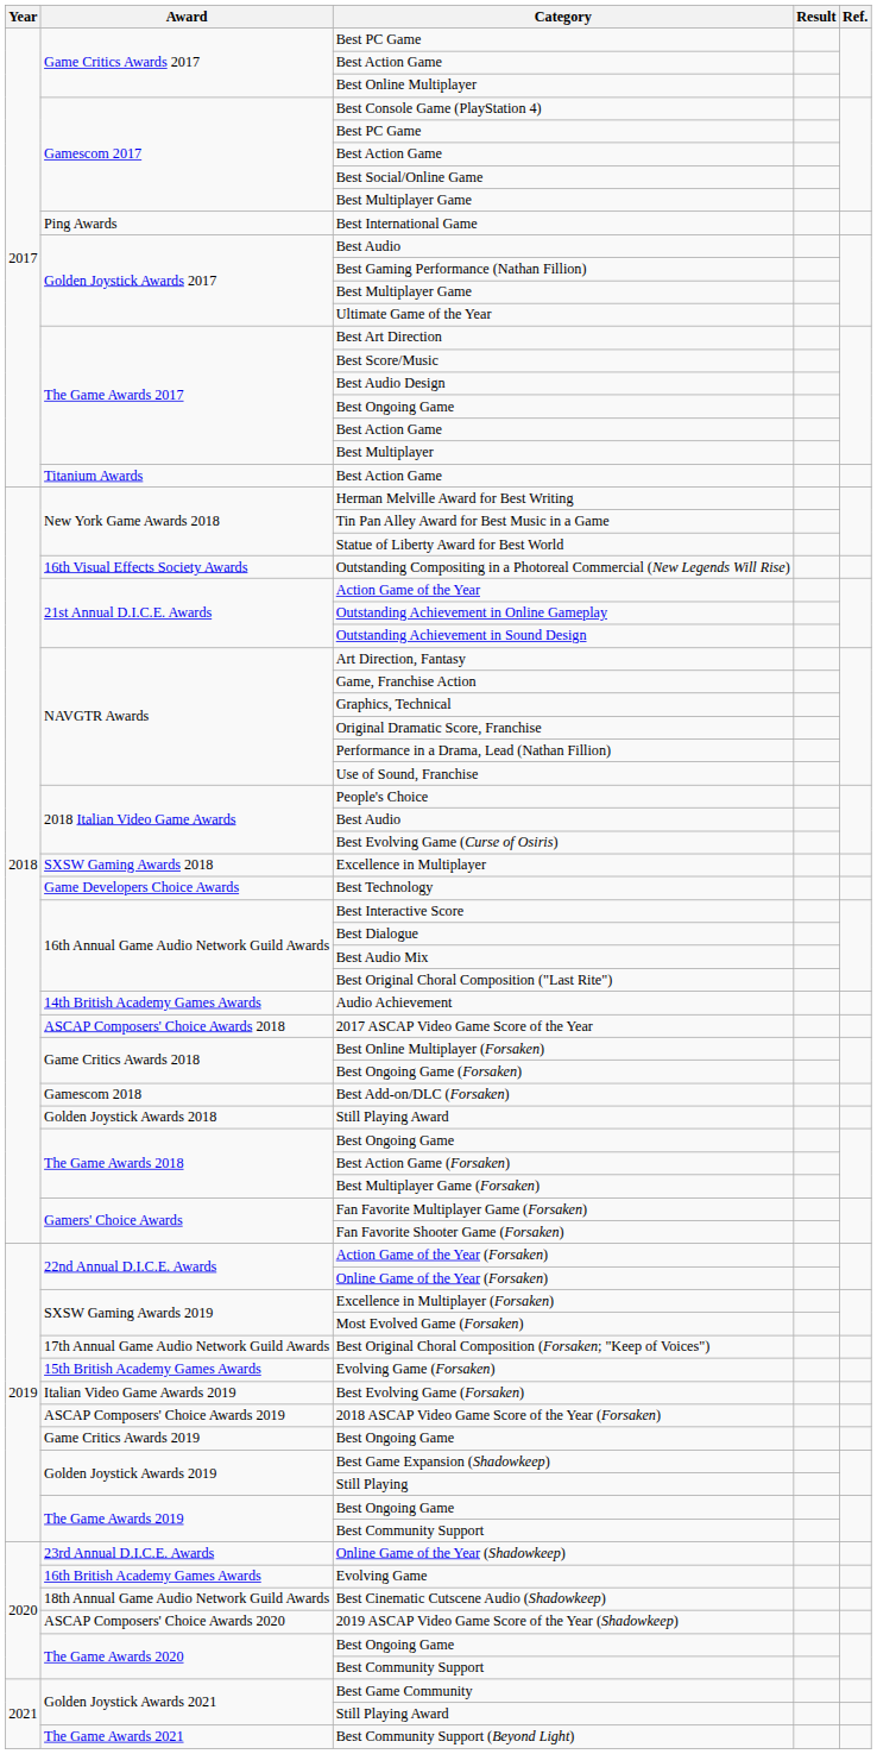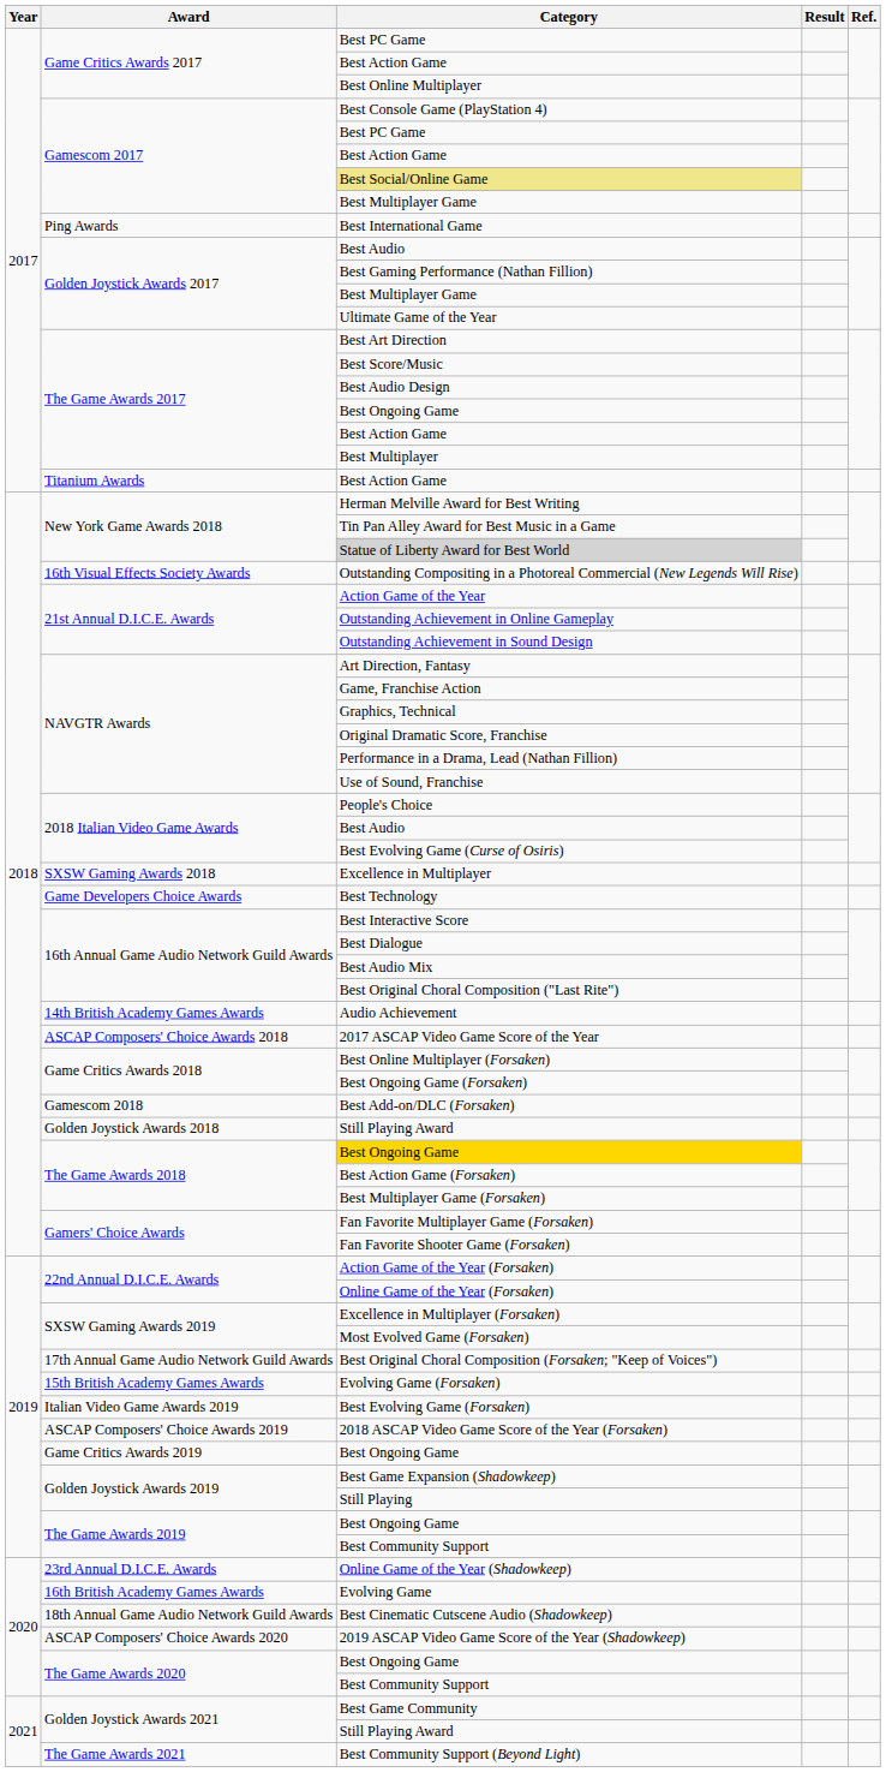 <table class="wikitable sortable">
 <tr>
 <th>Year</th>
 <th>Award</th>
 <th>Category</th>
 <th>Result</th>
 <th>Ref.</th>
 </tr>
 <tr>
 <td style="text-align:center;" rowspan="20">2017</td>
 <td rowspan="3"><a href='#'>Game Critics Awards</a> 2017</td>
 <td>Best PC Game</td>
 <td></td>
 <td rowspan="3" style="text-align:center;"></td>
 </tr>
 <tr>
 <td>Best Action Game</td>
 <td></td>
 </tr>
 <tr>
 <td>Best Online Multiplayer</td>
 <td></td>
 </tr>
 <tr>
 <td rowspan="5"><a href='#'>Gamescom 2017</a></td>
 <td>Best Console Game (PlayStation 4)</td>
 <td></td>
 <td rowspan="5" style="text-align:center;"></td>
 </tr>
 <tr>
 <td>Best PC Game</td>
 <td></td>
 </tr>
 <tr>
 <td>Best Action Game</td>
 <td></td>
 </tr>
 <tr>
-<td>Best Social/Online Game</td>
+<td style="background: khaki;">Best Social/Online Game</td>
 <td></td>
 </tr>
 <tr>
 <td>Best Multiplayer Game</td>
 <td></td>
 </tr>
 <tr>
 <td rowspan="1">Ping Awards</td>
 <td>Best International Game</td>
 <td></td>
 <td rowspan="1" style="text-align:center;"></td>
 </tr>
 <tr>
 <td rowspan="4"><a href='#'>Golden Joystick Awards</a> 2017</td>
 <td>Best Audio</td>
 <td></td>
 <td rowspan="4" style="text-align:center;"></td>
 </tr>
 <tr>
 <td>Best Gaming Performance (Nathan Fillion)</td>
 <td></td>
 </tr>
 <tr>
 <td>Best Multiplayer Game</td>
 <td></td>
 </tr>
 <tr>
 <td>Ultimate Game of the Year</td>
 <td></td>
 </tr>
 <tr>
 <td rowspan="6"><a href='#'>The Game Awards 2017</a></td>
 <td>Best Art Direction</td>
 <td></td>
 <td rowspan="6" style="text-align:center;"></td>
 </tr>
 <tr>
 <td>Best Score/Music</td>
 <td></td>
 </tr>
 <tr>
 <td>Best Audio Design</td>
 <td></td>
 </tr>
 <tr>
 <td>Best Ongoing Game</td>
 <td></td>
 </tr>
 <tr>
 <td>Best Action Game</td>
 <td></td>
 </tr>
 <tr>
 <td>Best Multiplayer</td>
 <td></td>
 </tr>
 <tr>
 <td rowspan="1"><a href='#'>Titanium Awards</a></td>
 <td>Best Action Game</td>
 <td></td>
 <td rowspan="1" style="text-align:center;"></td>
 </tr>
 <tr>
 <td style="text-align:center;" rowspan="33">2018</td>
 <td rowspan="3">New York Game Awards 2018</td>
 <td>Herman Melville Award for Best Writing</td>
 <td></td>
 <td rowspan="3" style="text-align:center;"></td>
 </tr>
 <tr>
 <td>Tin Pan Alley Award for Best Music in a Game</td>
 <td></td>
 </tr>
 <tr>
-<td>Statue of Liberty Award for Best World</td>
+<td style="background: lightgrey;">Statue of Liberty Award for Best World</td>
 <td></td>
 </tr>
 <tr>
 <td rowspan="1"><a href='#'>16th Visual Effects Society Awards</a></td>
 <td>Outstanding Compositing in a Photoreal Commercial (<em>New Legends Will Rise</em>)</td>
 <td></td>
 <td rowspan="1" style="text-align:center;"></td>
 </tr>
 <tr>
 <td rowspan="3"><a href='#'>21st Annual D.I.C.E. Awards</a></td>
 <td><a href='#'>Action Game of the Year</a></td>
 <td></td>
 <td rowspan="3" style="text-align:center;"></td>
 </tr>
 <tr>
 <td><a href='#'>Outstanding Achievement in Online Gameplay</a></td>
 <td></td>
 </tr>
 <tr>
 <td><a href='#'>Outstanding Achievement in Sound Design</a></td>
 <td></td>
 </tr>
 <tr>
 <td rowspan="6">NAVGTR Awards</td>
 <td>Art Direction, Fantasy</td>
 <td></td>
 <td rowspan="6" style="text-align:center;"></td>
 </tr>
 <tr>
 <td>Game, Franchise Action</td>
 <td></td>
 </tr>
 <tr>
 <td>Graphics, Technical</td>
 <td></td>
 </tr>
 <tr>
 <td>Original Dramatic Score, Franchise</td>
 <td></td>
 </tr>
 <tr>
 <td>Performance in a Drama, Lead (Nathan Fillion)</td>
 <td></td>
 </tr>
 <tr>
 <td>Use of Sound, Franchise</td>
 <td></td>
 </tr>
 <tr>
 <td rowspan="3">2018 <a href='#'>Italian Video Game Awards</a></td>
 <td>People's Choice</td>
 <td></td>
 <td rowspan="3" style="text-align:center;"></td>
 </tr>
 <tr>
 <td>Best Audio</td>
 <td></td>
 </tr>
 <tr>
 <td>Best Evolving Game (<em>Curse of Osiris</em>)</td>
 <td></td>
 </tr>
 <tr>
 <td rowspan="1"><a href='#'>SXSW Gaming Awards</a> 2018</td>
 <td>Excellence in Multiplayer</td>
 <td></td>
 <td rowspan="1" style="text-align:center;"></td>
 </tr>
 <tr>
 <td rowspan="1"><a href='#'>Game Developers Choice Awards</a></td>
 <td>Best Technology</td>
 <td></td>
 <td rowspan="1" style="text-align:center;"></td>
 </tr>
 <tr>
 <td rowspan="4">16th Annual Game Audio Network Guild Awards</td>
 <td>Best Interactive Score</td>
 <td></td>
 <td rowspan="4" style="text-align:center;"></td>
 </tr>
 <tr>
 <td>Best Dialogue</td>
 <td></td>
 </tr>
 <tr>
 <td>Best Audio Mix</td>
 <td></td>
 </tr>
 <tr>
 <td>Best Original Choral Composition ("Last Rite")</td>
 <td></td>
 </tr>
 <tr>
 <td rowspan="1"><a href='#'>14th British Academy Games Awards</a></td>
 <td>Audio Achievement</td>
 <td></td>
 <td rowspan="1" style="text-align:center;"></td>
 </tr>
 <tr>
 <td rowspan="1"><a href='#'>ASCAP Composers' Choice Awards</a> 2018</td>
 <td>2017 ASCAP Video Game Score of the Year</td>
 <td></td>
 <td rowspan="1" style="text-align:center;"></td>
 </tr>
 <tr>
 <td rowspan="2">Game Critics Awards 2018</td>
 <td>Best Online Multiplayer (<em>Forsaken</em>)</td>
 <td></td>
 <td rowspan="2" style="text-align:center;"></td>
 </tr>
 <tr>
 <td>Best Ongoing Game (<em>Forsaken</em>)</td>
 <td></td>
 </tr>
 <tr>
 <td rowspan="1">Gamescom 2018</td>
 <td>Best Add-on/DLC (<em>Forsaken</em>)</td>
 <td></td>
 <td rowspan="1" style="text-align:center;"></td>
 </tr>
 <tr>
 <td rowspan="1">Golden Joystick Awards 2018</td>
 <td>Still Playing Award</td>
 <td></td>
 <td rowspan="1" style="text-align:center;"></td>
 </tr>
 <tr>
 <td rowspan="3"><a href='#'>The Game Awards 2018</a></td>
-<td>Best Ongoing Game</td>
+<td style="background: gold;">Best Ongoing Game</td>
 <td></td>
 <td rowspan="3" style="text-align:center;"></td>
 </tr>
 <tr>
 <td>Best Action Game (<em>Forsaken</em>)</td>
 <td></td>
 </tr>
 <tr>
 <td>Best Multiplayer Game (<em>Forsaken</em>)</td>
 <td></td>
 </tr>
 <tr>
 <td rowspan="2"><a href='#'>Gamers' Choice Awards</a></td>
 <td>Fan Favorite Multiplayer Game (<em>Forsaken</em>)</td>
 <td></td>
 <td rowspan="2" style="text-align:center;"></td>
 </tr>
 <tr>
 <td>Fan Favorite Shooter Game (<em>Forsaken</em>)</td>
 <td></td>
 </tr>
 <tr>
 <td style="text-align:center;" rowspan="13">2019</td>
 <td rowspan="2"><a href='#'>22nd Annual D.I.C.E. Awards</a></td>
 <td><a href='#'>Action Game of the Year</a> (<em>Forsaken</em>)</td>
 <td></td>
 <td rowspan="2" style="text-align:center;"></td>
 </tr>
 <tr>
 <td><a href='#'>Online Game of the Year</a> (<em>Forsaken</em>)</td>
 <td></td>
 </tr>
 <tr>
 <td rowspan="2">SXSW Gaming Awards 2019</td>
 <td>Excellence in Multiplayer (<em>Forsaken</em>)</td>
 <td></td>
 <td rowspan="2" style="text-align:center;"></td>
 </tr>
 <tr>
 <td>Most Evolved Game (<em>Forsaken</em>)</td>
 <td></td>
 </tr>
 <tr>
 <td rowspan="1">17th Annual Game Audio Network Guild Awards</td>
 <td>Best Original Choral Composition (<em>Forsaken</em>; "Keep of Voices")</td>
 <td></td>
 <td rowspan="1" style="text-align:center;"></td>
 </tr>
 <tr>
 <td rowspan="1"><a href='#'>15th British Academy Games Awards</a></td>
 <td>Evolving Game (<em>Forsaken</em>)</td>
 <td></td>
 <td rowspan="1" style="text-align:center;"></td>
 </tr>
 <tr>
 <td rowspan="1">Italian Video Game Awards 2019</td>
 <td>Best Evolving Game (<em>Forsaken</em>)</td>
 <td></td>
 <td rowspan="1" style="text-align:center;"></td>
 </tr>
 <tr>
 <td rowspan="1">ASCAP Composers' Choice Awards 2019</td>
 <td>2018 ASCAP Video Game Score of the Year (<em>Forsaken</em>)</td>
 <td></td>
 <td rowspan="1" style="text-align:center;"></td>
 </tr>
 <tr>
 <td rowspan="1">Game Critics Awards 2019</td>
 <td>Best Ongoing Game</td>
 <td></td>
 <td rowspan="1" style="text-align:center;"></td>
 </tr>
 <tr>
 <td rowspan="2">Golden Joystick Awards 2019</td>
 <td>Best Game Expansion (<em>Shadowkeep</em>)</td>
 <td></td>
 <td rowspan="2" style="text-align:center;"></td>
 </tr>
 <tr>
 <td>Still Playing</td>
 <td></td>
 </tr>
 <tr>
 <td rowspan="2"><a href='#'>The Game Awards 2019</a></td>
 <td>Best Ongoing Game</td>
 <td></td>
 <td rowspan="2" style="text-align:center;"></td>
 </tr>
 <tr>
 <td>Best Community Support</td>
 <td></td>
 </tr>
 <tr>
 <td rowspan="6" style="text-align:center;">2020</td>
 <td rowspan="1"><a href='#'>23rd Annual D.I.C.E. Awards</a></td>
 <td><a href='#'>Online Game of the Year</a> (<em>Shadowkeep</em>)</td>
 <td></td>
 <td rowspan="1" style="text-align:center;"></td>
 </tr>
 <tr>
 <td rowspan="1"><a href='#'>16th British Academy Games Awards</a></td>
 <td>Evolving Game</td>
 <td></td>
 <td rowspan="1" style="text-align:center;"></td>
 </tr>
 <tr>
 <td rowspan="1">18th Annual Game Audio Network Guild Awards</td>
 <td>Best Cinematic Cutscene Audio (<em>Shadowkeep</em>)</td>
 <td></td>
 <td rowspan="1" style="text-align:center;"></td>
 </tr>
 <tr>
 <td rowspan="1">ASCAP Composers' Choice Awards 2020</td>
 <td>2019 ASCAP Video Game Score of the Year (<em>Shadowkeep</em>)</td>
 <td></td>
 <td rowspan="1" style="text-align:center;"></td>
 </tr>
 <tr>
 <td rowspan="2"><a href='#'>The Game Awards 2020</a></td>
 <td Best Ongoing Game>Best Ongoing Game</td>
 <td></td>
 <td rowspan="2" style="text-align:center;"></td>
 </tr>
 <tr>
 <td Best Community Support>Best Community Support</td>
 <td></td>
 </tr>
 <tr>
 <td rowspan="3" style="text-align:center;">2021</td>
 <td rowspan="2">Golden Joystick Awards 2021</td>
 <td Best Game Community>Best Game Community</td>
 <td></td>
 <td></td>
 </tr>
 <tr>
 <td Still Playing>Still Playing Award</td>
 <td></td>
 <td></td>
 </tr>
 <tr>
 <td><a href='#'>The Game Awards 2021</a></td>
 <td>Best Community Support (<em>Beyond Light</em>)</td>
 <td></td>
 <td></td>
 </tr>
 </table>
